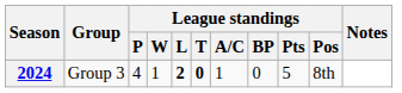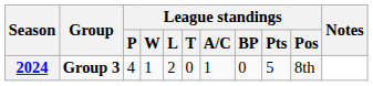 <table class="wikitable sortable">
 <tr>
 <th scope="col" rowspan="2">Season</th>
 <th scope="col" rowspan="2">Group</th>
 <th scope="col" colspan="8">League standings</th>
 <th scope="col" rowspan="2">Notes</th>
 </tr>
 <tr>
 <th scope="col">P</th>
 <th scope="col">W</th>
 <th scope="col">L</th>
 <th scope="col">T</th>
 <th scope="col">A/C</th>
 <th scope="col">BP</th>
 <th scope="col">Pts</th>
 <th scope="col">Pos</th>
 </tr>
 <tr>
 <th scope="row"><a href='#'>2024</a></th>
-<td>Group 3</td>
+<td><strong>Group 3</strong></td>
 <td>4</td>
 <td>1</td>
-<td><strong>2</strong></td>
-<td><strong>0</strong></td>
+<td>2</td>
+<td>0</td>
 <td>1</td>
 <td>0</td>
 <td>5</td>
 <td>8th</td>
 <td style="background: white;"></td>
 </tr>
 </table>
